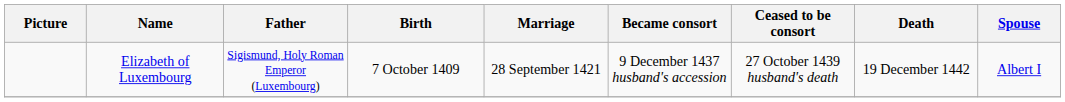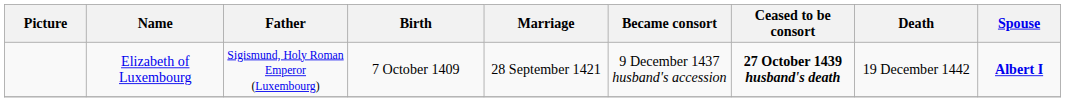 <table width=95% class="wikitable">
 <tr>
 <th width = "6%">Picture</th>
 <th width = "10%">Name</th>
 <th width = "9%">Father</th>
 <th width = "10%">Birth</th>
 <th width = "9%">Marriage</th>
 <th width = "9%">Became consort</th>
 <th width = "9%">Ceased to be consort</th>
 <th width = "9%">Death</th>
 <th width = "6%"><a href='#'>Spouse</a></th>
 </tr>
 <tr>
 <td style="text-align:center"></td>
 <td style="text-align:center"><a href='#'>Elizabeth of Luxembourg</a></td>
 <td style="text-align:center"><small><a href='#'>Sigismund, Holy Roman Emperor</a><br>(<a href='#'>Luxembourg</a>)</small></td>
 <td style="text-align:center">7 October 1409</td>
 <td style="text-align:center">28 September 1421</td>
 <td style="text-align:center">9 December 1437<br><em>husband's accession</em></td>
-<td style="text-align:center">27 October 1439<br><em>husband's death</em></td>
+<td style="text-align:center"><strong>27 October 1439<br><em>husband's death</em></strong></td>
 <td style="text-align:center">19 December 1442</td>
-<td style="text-align:center"><a href='#'>Albert I</a></td>
+<td style="text-align:center"><strong><a href='#'>Albert I</a></strong></td>
 </tr>
 <tr>
 </tr>
 </table>
